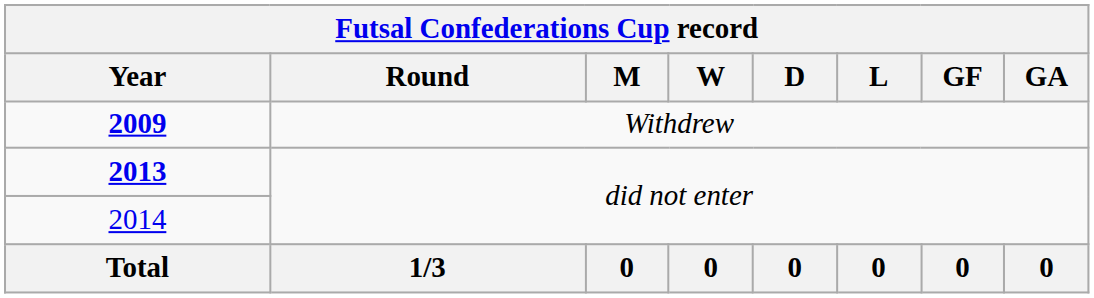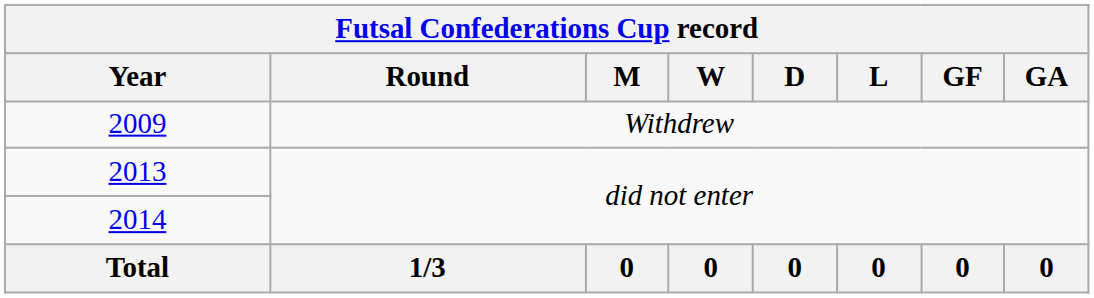 <table class="wikitable" style="text-align: center;font-size:90%;">
 <tr>
 <th colspan=8><a href='#'>Futsal Confederations Cup</a> record</th>
 </tr>
 <tr>
 <th width=125>Year</th>
 <th width=150>Round</th>
 <th width=35>M</th>
 <th width=35>W</th>
 <th width=35>D</th>
 <th width=35>L</th>
 <th width=35>GF</th>
 <th width=35>GA</th>
 </tr>
 <tr>
-<td><strong> <a href='#'>2009</a></strong></td>
+<td> <a href='#'>2009</a></td>
 <td colspan=7><em>Withdrew</em></td>
 </tr>
 <tr>
-<td><strong> <a href='#'>2013</a></strong></td>
+<td> <a href='#'>2013</a></td>
 <td colspan=7 rowspan=2><em>did not enter</em></td>
 </tr>
 <tr>
 <td> <a href='#'>2014</a></td>
 </tr>
 <tr>
 <th><strong>Total</strong></th>
 <th>1/3</th>
 <th>0</th>
 <th>0</th>
 <th>0</th>
 <th>0</th>
 <th>0</th>
 <th>0</th>
 </tr>
 </table>
